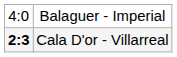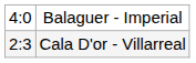 <table class="wikitable">
 <tr align=center bgcolor=white>
 <td>4:0</td>
 <td>Balaguer - Imperial</td>
 </tr>
 <tr align=center bgcolor=#F5F5F5>
-<td><strong>2:3</strong></td>
+<td>2:3</td>
 <td>Cala D'or - Villarreal</td>
 </tr>
 </table>
